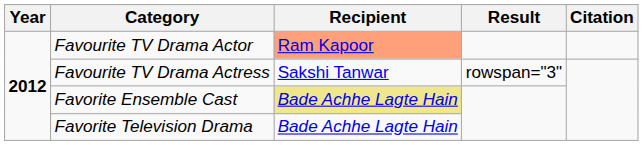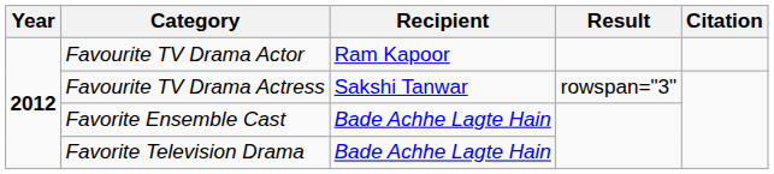 <table class="wikitable">
 <tr>
 <th>Year</th>
 <th>Category</th>
 <th>Recipient</th>
 <th>Result</th>
 <th>Citation</th>
 </tr>
 <tr>
 <td rowspan="4"><strong>2012</strong></td>
 <td><em>Favourite TV Drama Actor</em></td>
-<td style="background: lightsalmon;"><a href='#'>Ram Kapoor</a></td>
+<td><a href='#'>Ram Kapoor</a></td>
 <td></td>
 <td></td>
 </tr>
 <tr>
 <td><em>Favourite TV Drama Actress</em></td>
 <td><a href='#'>Sakshi Tanwar</a></td>
 <td>rowspan="3" </td>
 <td rowspan="3"></td>
 </tr>
 <tr>
 <td><em>Favorite Ensemble Cast</em></td>
-<td style="background: khaki;"><em><a href='#'>Bade Achhe Lagte Hain</a></em></td>
+<td><em><a href='#'>Bade Achhe Lagte Hain</a></em></td>
 </tr>
 <tr>
 <td><em>Favorite Television Drama</em></td>
 <td><em><a href='#'>Bade Achhe Lagte Hain</a></em></td>
 </tr>
 </table>
